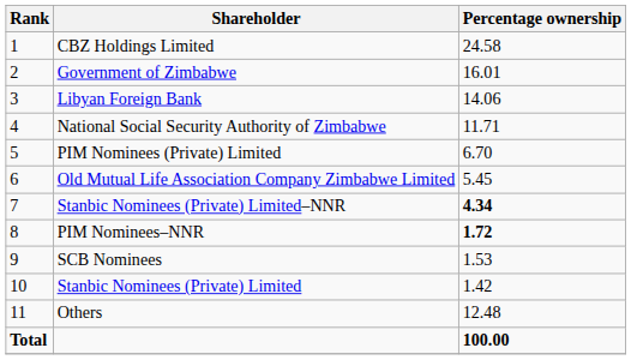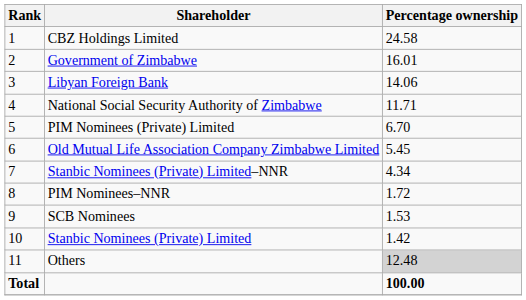 <table class="wikitable sortable" style="margin-left:auto;margin-right:auto">
 <tr>
 <th style="width:2em;">Rank</th>
 <th>Shareholder</th>
 <th>Percentage ownership</th>
 </tr>
 <tr>
 <td>1</td>
 <td>CBZ Holdings Limited</td>
 <td>24.58</td>
 </tr>
 <tr>
 <td>2</td>
 <td><a href='#'>Government of Zimbabwe</a></td>
 <td>16.01</td>
 </tr>
 <tr>
 <td>3</td>
 <td><a href='#'>Libyan Foreign Bank</a></td>
 <td>14.06</td>
 </tr>
 <tr>
 <td>4</td>
 <td>National Social Security Authority of <a href='#'>Zimbabwe</a></td>
 <td>11.71</td>
 </tr>
 <tr>
 <td>5</td>
 <td>PIM Nominees (Private) Limited</td>
 <td>6.70</td>
 </tr>
 <tr>
 <td>6</td>
 <td><a href='#'>Old Mutual Life Association Company Zimbabwe Limited</a></td>
 <td>5.45</td>
 </tr>
 <tr>
 <td>7</td>
 <td><a href='#'>Stanbic Nominees (Private) Limited</a>–NNR</td>
-<td><strong>4.34</strong></td>
+<td>4.34</td>
 </tr>
 <tr>
 <td>8</td>
 <td>PIM Nominees–NNR</td>
-<td><strong>1.72</strong></td>
+<td>1.72</td>
 </tr>
 <tr>
 <td>9</td>
 <td>SCB Nominees</td>
 <td>1.53</td>
 </tr>
 <tr>
 <td>10</td>
 <td><a href='#'>Stanbic Nominees (Private) Limited</a></td>
 <td>1.42</td>
 </tr>
 <tr>
 <td>11</td>
 <td>Others</td>
-<td>12.48</td>
+<td style="background: lightgrey;">12.48</td>
 </tr>
 <tr>
 <td><strong>Total</strong></td>
 <td></td>
 <td><strong>100.00</strong></td>
 </tr>
 <tr>
 </tr>
 </table>
